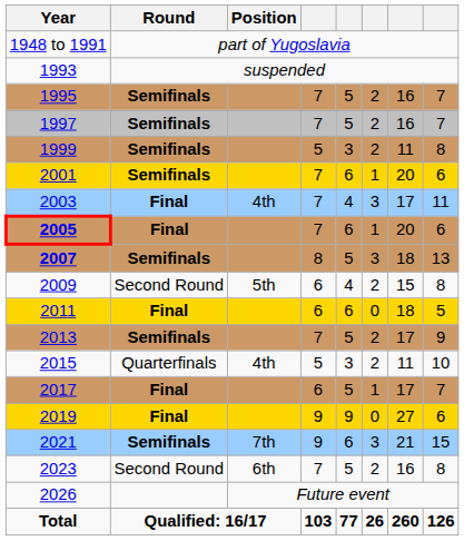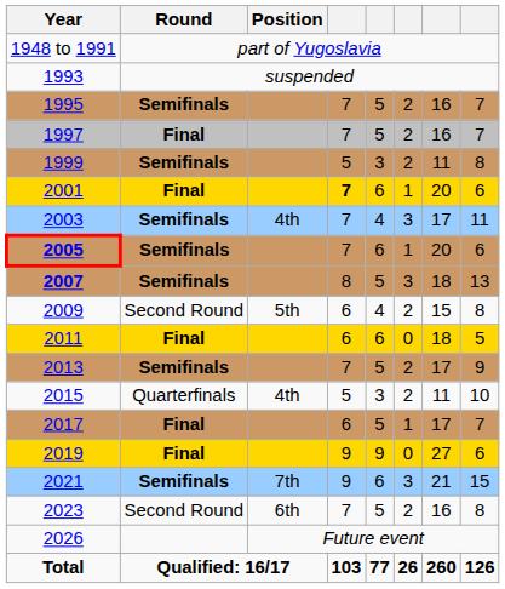 <table class="wikitable" style="text-align: center;">
 <tr>
 <th>Year</th>
 <th>Round</th>
 <th>Position</th>
 <th></th>
 <th></th>
 <th></th>
 <th></th>
 <th></th>
 </tr>
 <tr>
 <td><a href='#'>1948</a> to <a href='#'>1991</a></td>
 <td colspan=9><em>part of <a href='#'>Yugoslavia</a></em></td>
 </tr>
 <tr>
 <td> <a href='#'>1993</a></td>
 <td colspan="7"><em>suspended</em></td>
 </tr>
 <tr style="background:#cc9966;">
 <td> <a href='#'>1995</a></td>
 <td><strong>Semifinals</strong></td>
 <td></td>
 <td>7</td>
 <td>5</td>
 <td>2</td>
 <td>16</td>
 <td>7</td>
 </tr>
 <tr style="background:silver">
 <td> <a href='#'>1997</a></td>
-<td><strong>Semifinals</strong></td>
+<td><strong>Final</strong></td>
 <td></td>
 <td>7</td>
 <td>5</td>
 <td>2</td>
 <td>16</td>
 <td>7</td>
 </tr>
 <tr style="background:#cc9966;">
 <td> <a href='#'>1999</a></td>
 <td><strong>Semifinals</strong></td>
 <td></td>
 <td>5</td>
 <td>3</td>
 <td>2</td>
 <td>11</td>
 <td>8</td>
 </tr>
 <tr style="background:gold">
 <td> <a href='#'>2001</a></td>
-<td><strong>Semifinals</strong></td>
+<td><strong>Final</strong></td>
 <td></td>
-<td>7</td>
+<td><strong>7</strong></td>
 <td>6</td>
 <td>1</td>
 <td>20</td>
 <td>6</td>
 </tr>
 <tr style="background:#9acdff;">
 <td> <a href='#'>2003</a></td>
-<td><strong>Final</strong></td>
+<td><strong>Semifinals</strong></td>
 <td>4th</td>
 <td>7</td>
 <td>4</td>
 <td>3</td>
 <td>17</td>
 <td>11</td>
 </tr>
 <tr style="background:#cc9966;">
 <td style="border: 3px solid red">  <strong><a href='#'>2005</a></strong></td>
-<td><strong>Final</strong></td>
+<td><strong>Semifinals</strong></td>
 <td></td>
 <td>7</td>
 <td>6</td>
 <td>1</td>
 <td>20</td>
 <td>6</td>
 </tr>
 <tr style="background:#cc9966;">
 <td> <strong><a href='#'>2007</a></strong></td>
 <td><strong>Semifinals</strong></td>
 <td></td>
 <td>8</td>
 <td>5</td>
 <td>3</td>
 <td>18</td>
 <td>13</td>
 </tr>
 <tr>
 <td> <a href='#'>2009</a></td>
 <td>Second Round</td>
 <td>5th</td>
 <td>6</td>
 <td>4</td>
 <td>2</td>
 <td>15</td>
 <td>8</td>
 </tr>
 <tr style="background:gold">
 <td>  <a href='#'>2011</a></td>
 <td><strong>Final</strong></td>
 <td></td>
 <td>6</td>
 <td>6</td>
 <td>0</td>
 <td>18</td>
 <td>5</td>
 </tr>
 <tr style="background:#cc9966;">
 <td>  <a href='#'>2013</a></td>
 <td><strong>Semifinals</strong></td>
 <td></td>
 <td>7</td>
 <td>5</td>
 <td>2</td>
 <td>17</td>
 <td>9</td>
 </tr>
 <tr>
 <td>  <a href='#'>2015</a></td>
 <td>Quarterfinals</td>
 <td>4th</td>
 <td>5</td>
 <td>3</td>
 <td>2</td>
 <td>11</td>
 <td>10</td>
 </tr>
 <tr style="background:#cc9966;">
 <td> <a href='#'>2017</a></td>
 <td><strong>Final</strong></td>
 <td></td>
 <td>6</td>
 <td>5</td>
 <td>1</td>
 <td>17</td>
 <td>7</td>
 </tr>
 <tr style="background:gold">
 <td>    <a href='#'>2019</a></td>
 <td><strong>Final</strong></td>
 <td></td>
 <td>9</td>
 <td>9</td>
 <td>0</td>
 <td>27</td>
 <td>6</td>
 </tr>
 <tr style="background:#9acdff;">
 <td>    <a href='#'>2021</a></td>
 <td><strong>Semifinals</strong></td>
 <td>7th</td>
 <td>9</td>
 <td>6</td>
 <td>3</td>
 <td>21</td>
 <td>15</td>
 </tr>
 <tr>
 <td>    <a href='#'>2023</a></td>
 <td>Second Round</td>
 <td>6th</td>
 <td>7</td>
 <td>5</td>
 <td>2</td>
 <td>16</td>
 <td>8</td>
 </tr>
 <tr>
 <td>    <a href='#'>2026</a></td>
 <td></td>
 <td colspan=9><em>Future event</em></td>
 </tr>
 <tr>
 <td><strong>Total</strong></td>
 <td colspan="2"><strong>Qualified: 16/17</strong></td>
 <td><strong>103</strong></td>
 <td><strong>77</strong></td>
 <td><strong>26</strong></td>
 <td><strong>260</strong></td>
 <td><strong>126</strong></td>
 </tr>
 </table>
